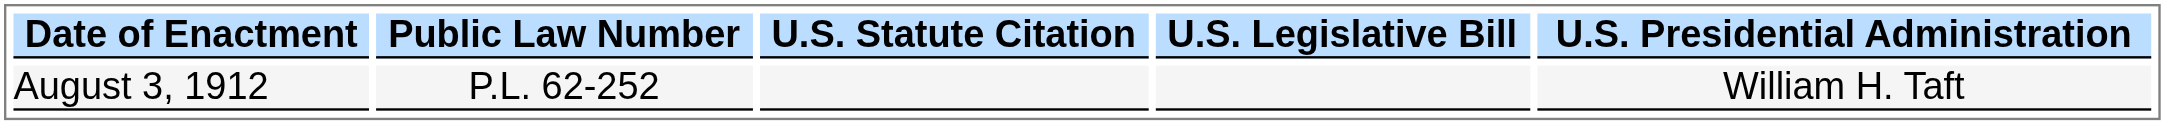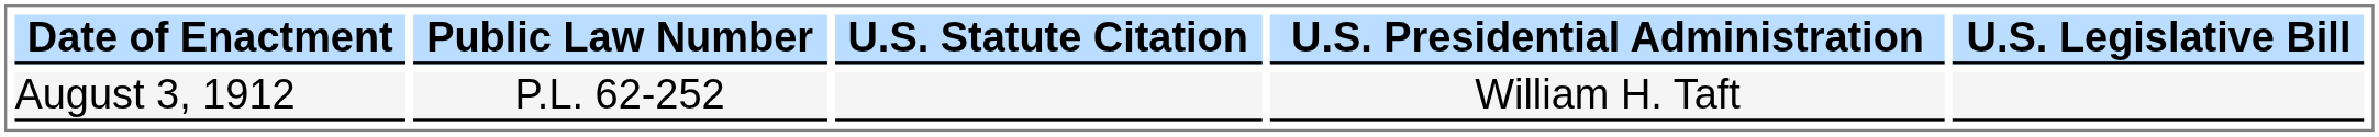 <table style="border:1px solid gray; align:left; width:72%" cellspacing=3 cellpadding=0>
 <tr style="font-weight:bold; text-align:center; background:#bbddff; color:black;">
 <th style=" border-bottom:1.5px solid black">Date of Enactment</th>
 <th style=" border-bottom:1.5px solid black">Public Law Number</th>
 <th style=" border-bottom:1.5px solid black">U.S. Statute Citation</th>
+<th style=" border-bottom:1.5px solid black">U.S. Presidential Administration</th>
 <th style=" border-bottom:1.5px solid black">U.S. Legislative Bill</th>
-<th style=" border-bottom:1.5px solid black">U.S. Presidential Administration</th>
 </tr>
 <tr>
 <td style="border-bottom:1.5px solid black; background:#F5F5F5;">August 3, 1912</td>
 <td style="border-bottom:1.5px solid black; background:#F5F5F5; text-align:center;">P.L. 62-252</td>
 <td style="border-bottom:1.5px solid black; background:#F5F5F5; text-align:center;"></td>
+<td style="border-bottom:1.5px solid black; background:#F5F5F5; text-align:center;">William H. Taft</td>
 <td style="border-bottom:1.5px solid black; background:#F5F5F5; text-align:center;"></td>
-<td style="border-bottom:1.5px solid black; background:#F5F5F5; text-align:center;">William H. Taft</td>
 </tr>
 </table>
